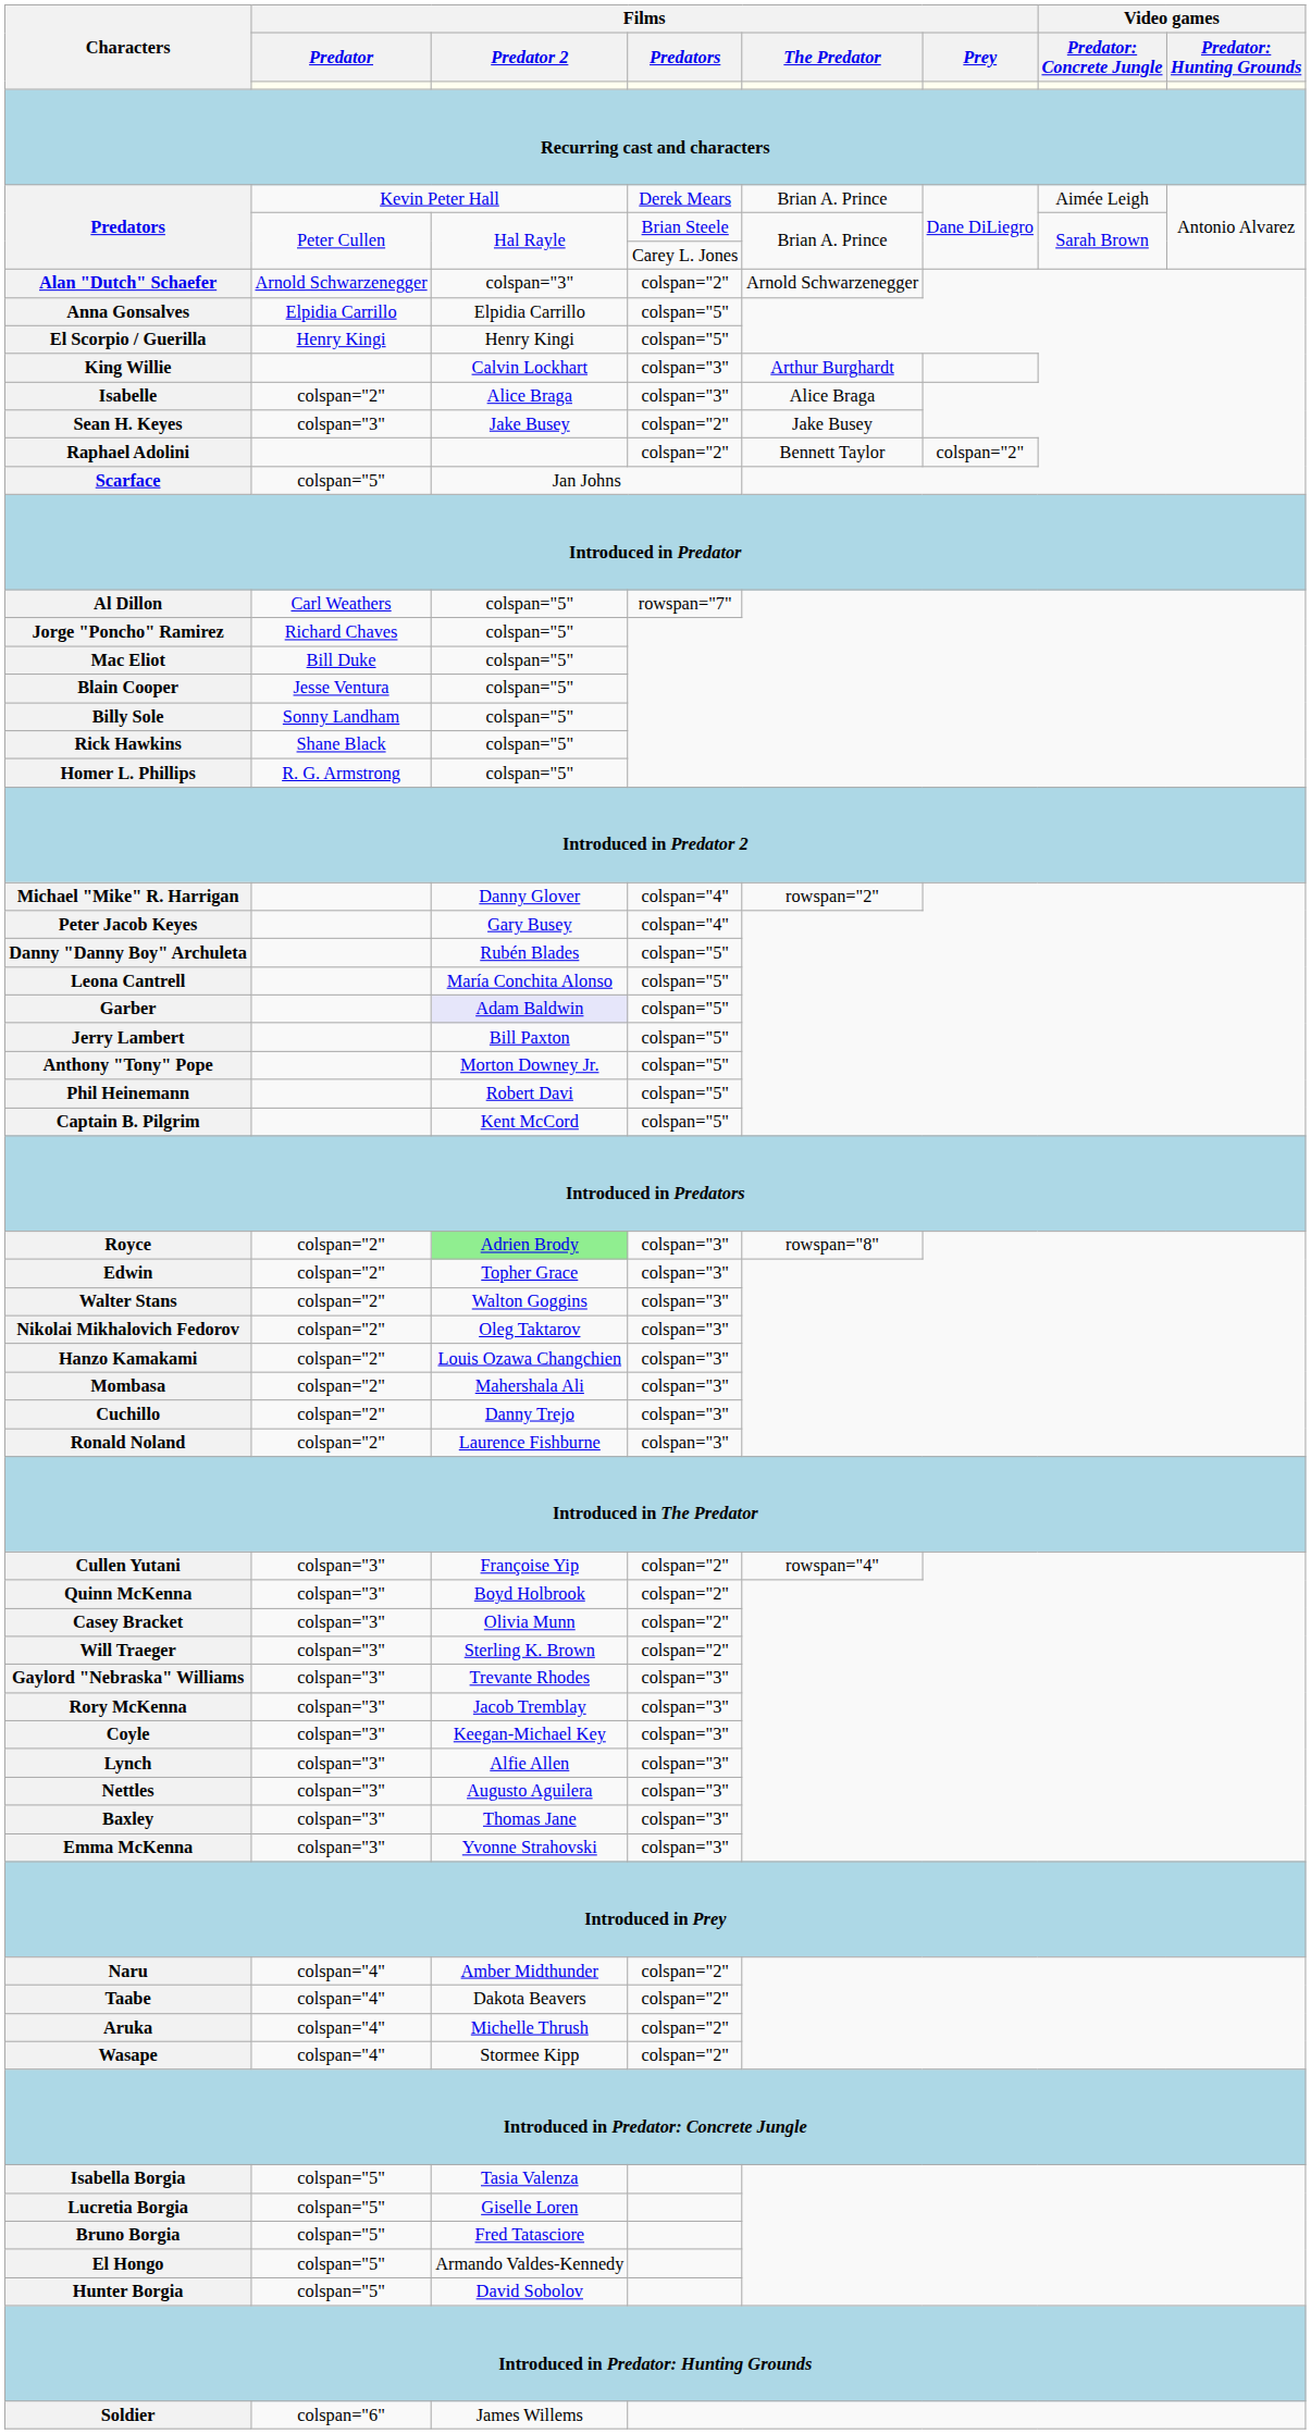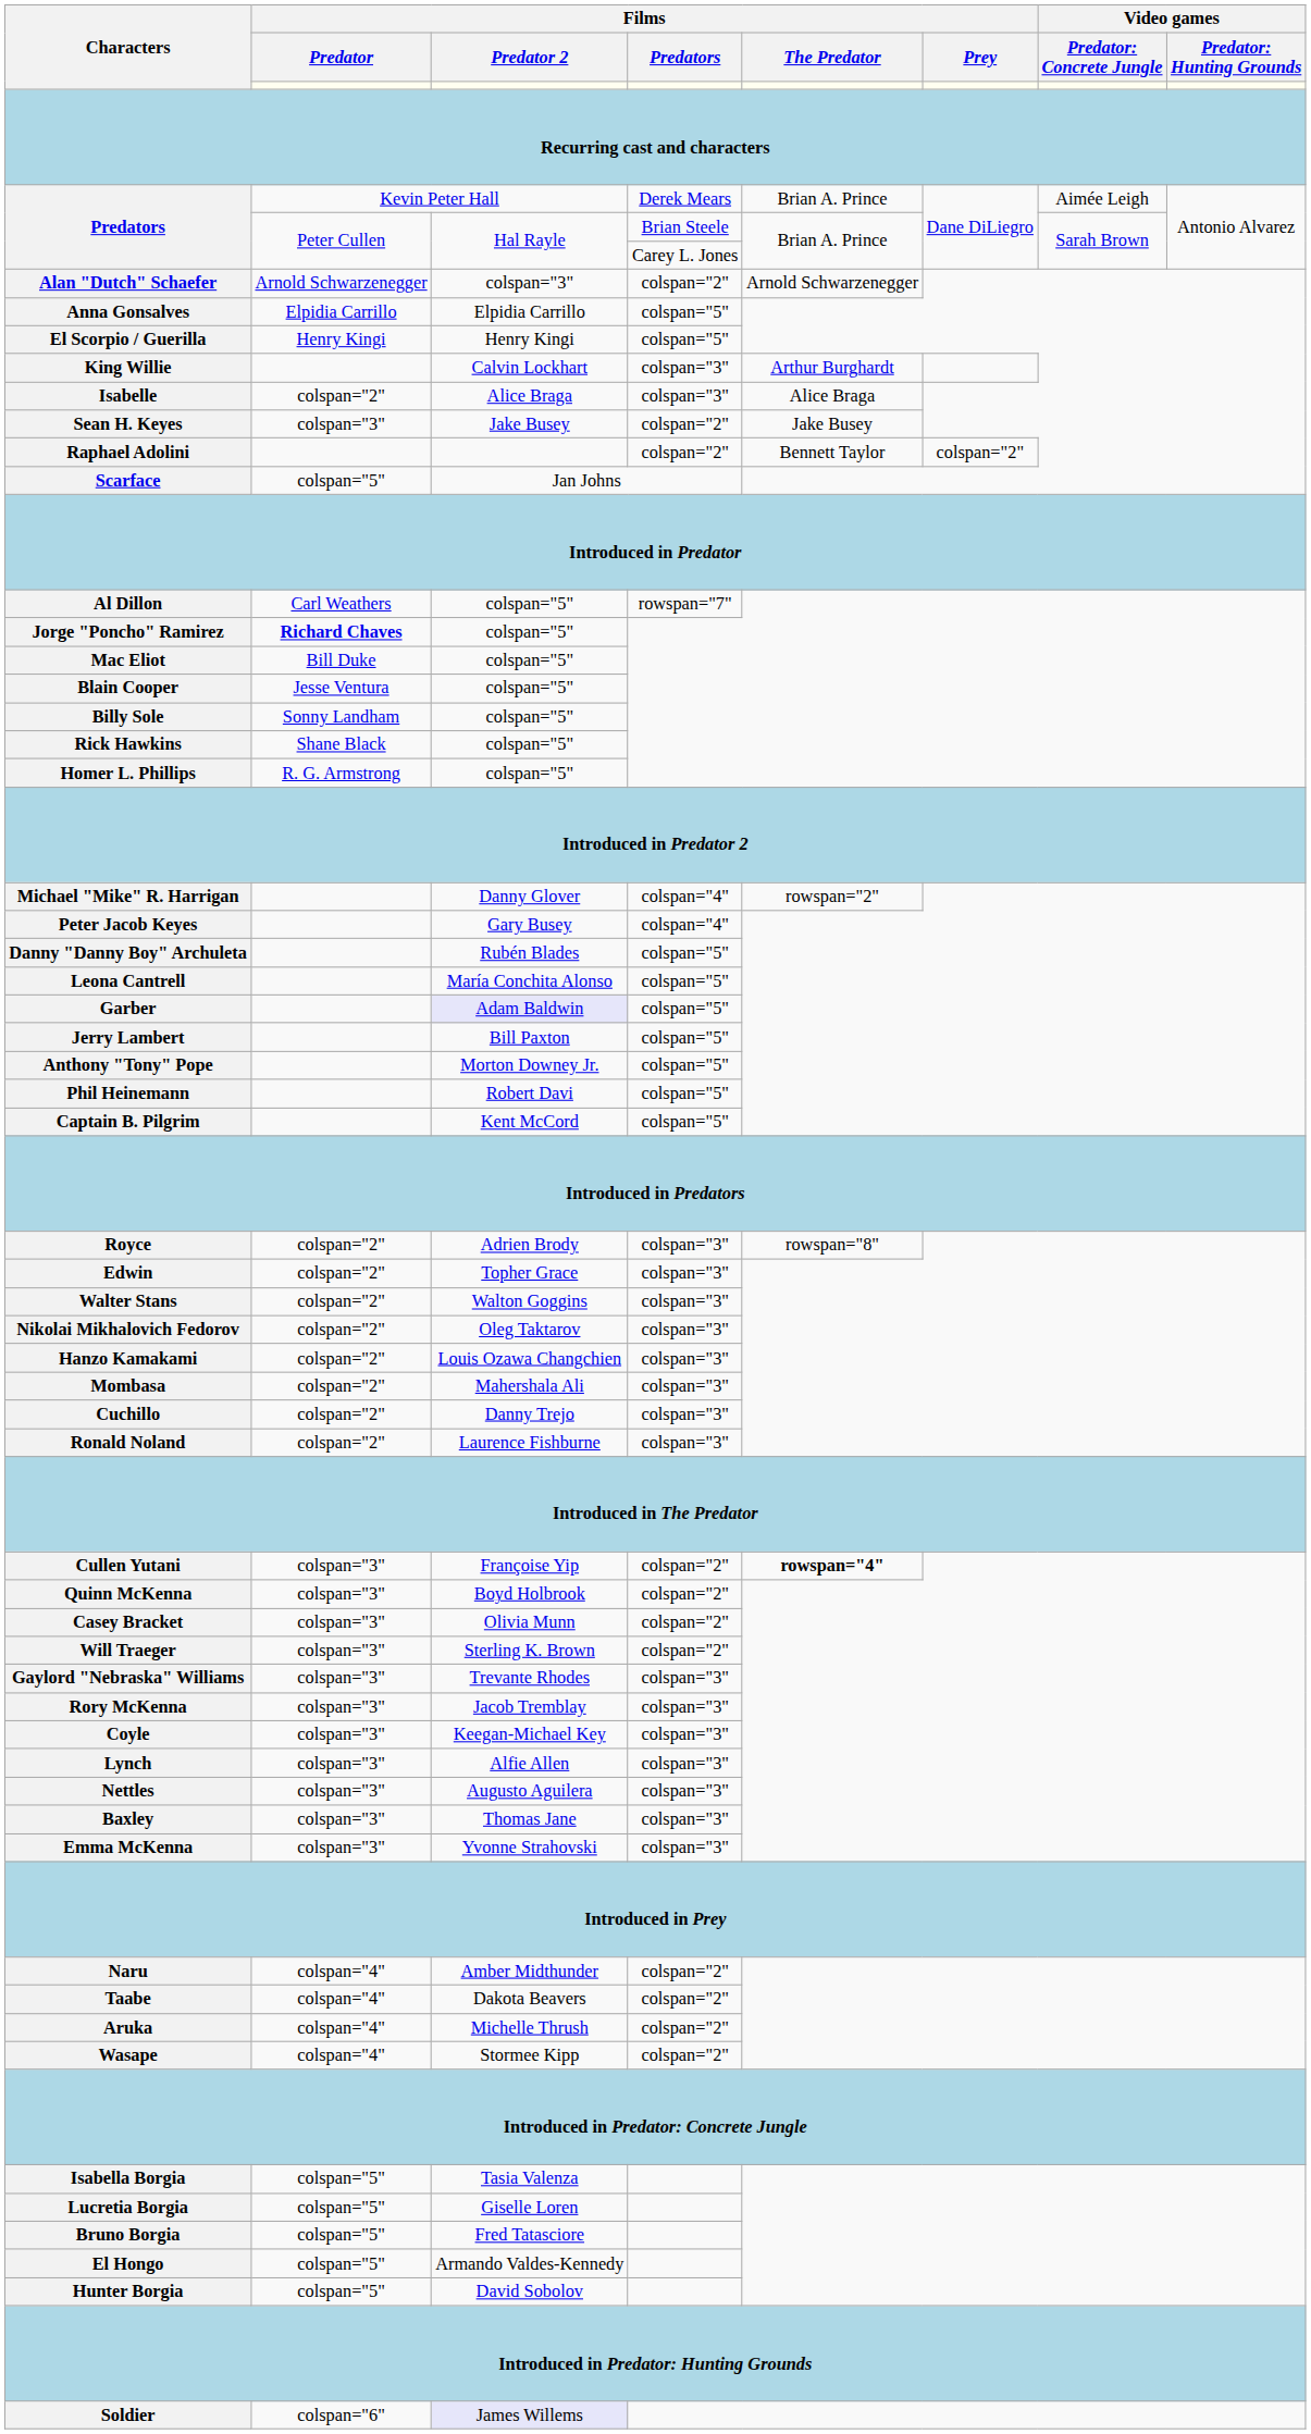 <table class="wikitable plainrowheaders" style="text-align:center;">
 <tr>
 <th scope="col" rowspan="3" align="center">Characters</th>
 <th scope="col" colspan="5">Films</th>
 <th scope="col" colspan="2">Video games</th>
 </tr>
 <tr>
 <th scope="col" align="center"><em><a href='#'>Predator</a></em></th>
 <th scope="col" align="center"><em><a href='#'>Predator 2</a></em></th>
 <th scope="col" align="center"><em><a href='#'>Predators</a></em></th>
 <th scope="col" align="center"><em><a href='#'>The Predator</a></em></th>
 <th scope="col" align="center"><em><a href='#'>Prey</a></em></th>
 <th scope="col" align="center"><em><a href='#'>Predator:<br>Concrete Jungle</a></em></th>
 <th scope="col" align="center"><em><a href='#'>Predator:<br>Hunting Grounds</a></em></th>
 </tr>
 <tr>
 <td style="background:ivory;"></td>
 <td style="background:ivory;"></td>
 <td style="background:ivory;"></td>
 <td style="background:ivory;"></td>
 <td style="background:ivory;"></td>
 <td style="background:ivory;"></td>
 <td style="background:ivory;"></td>
 </tr>
 <tr>
 <th colspan="8" style="background:lightblue;"><br><h4>Recurring cast and characters</h4></th>
 </tr>
 <tr>
 <th rowspan="3"><a href='#'>Predators</a></th>
 <td colspan="2"><a href='#'>Kevin Peter Hall</a></td>
 <td><a href='#'>Derek Mears</a><br></td>
 <td>Brian A. Prince<br></td>
 <td rowspan="3"><a href='#'>Dane DiLiegro</a></td>
 <td>Aimée Leigh</td>
 <td rowspan="3">Antonio Alvarez</td>
 </tr>
 <tr>
 <td rowspan="2"><a href='#'>Peter Cullen</a></td>
 <td rowspan="2"><a href='#'>Hal Rayle</a></td>
 <td><a href='#'>Brian Steele</a> <br></td>
 <td rowspan="2">Brian A. Prince<br></td>
 <td rowspan="2"><a href='#'>Sarah Brown</a></td>
 </tr>
 <tr>
 <td>Carey L. Jones<br></td>
 </tr>
 <tr>
 <th><a href='#'>Alan "Dutch" Schaefer</a></th>
 <td><a href='#'>Arnold Schwarzenegger</a></td>
 <td>colspan="3" </td>
 <td>colspan="2" </td>
 <td>Arnold Schwarzenegger</td>
 </tr>
 <tr>
 <th>Anna Gonsalves</th>
 <td><a href='#'>Elpidia Carrillo</a></td>
 <td>Elpidia Carrillo</td>
 <td>colspan="5" </td>
 </tr>
 <tr>
 <th>El Scorpio / Guerilla</th>
 <td><a href='#'>Henry Kingi</a></td>
 <td>Henry Kingi</td>
 <td>colspan="5" </td>
 </tr>
 <tr>
 <th>King Willie</th>
 <td></td>
 <td><a href='#'>Calvin Lockhart</a></td>
 <td>colspan="3" </td>
 <td><a href='#'>Arthur Burghardt</a></td>
 <td></td>
 </tr>
 <tr>
 <th>Isabelle</th>
 <td>colspan="2" </td>
 <td><a href='#'>Alice Braga</a></td>
 <td>colspan="3" </td>
 <td>Alice Braga</td>
 </tr>
 <tr>
 <th>Sean H. Keyes</th>
 <td>colspan="3" </td>
 <td><a href='#'>Jake Busey</a></td>
 <td>colspan="2" </td>
 <td>Jake Busey</td>
 </tr>
 <tr>
 <th>Raphael Adolini</th>
 <td></td>
 <td></td>
 <td>colspan="2" </td>
 <td>Bennett Taylor</td>
 <td>colspan="2" </td>
 </tr>
 <tr>
 <th><a href='#'>Scarface</a></th>
 <td>colspan="5" </td>
 <td colspan="2">Jan Johns</td>
 </tr>
 <tr>
 <th colspan="8" style="background:lightblue;"><br><h4>Introduced in <em>Predator</em></h4></th>
 </tr>
 <tr>
 <th>Al Dillon</th>
 <td><a href='#'>Carl Weathers</a></td>
 <td>colspan="5" </td>
 <td>rowspan="7" </td>
 </tr>
 <tr>
 <th>Jorge "Poncho" Ramirez</th>
-<td><a href='#'>Richard Chaves</a></td>
+<td><strong><a href='#'>Richard Chaves</a></strong></td>
 <td>colspan="5" </td>
 </tr>
 <tr>
 <th>Mac Eliot</th>
 <td><a href='#'>Bill Duke</a></td>
 <td>colspan="5" </td>
 </tr>
 <tr>
 <th>Blain Cooper</th>
 <td><a href='#'>Jesse Ventura</a></td>
 <td>colspan="5" </td>
 </tr>
 <tr>
 <th>Billy Sole</th>
 <td><a href='#'>Sonny Landham</a></td>
 <td>colspan="5" </td>
 </tr>
 <tr>
 <th>Rick Hawkins</th>
 <td><a href='#'>Shane Black</a></td>
 <td>colspan="5" </td>
 </tr>
 <tr>
 <th>Homer L. Phillips</th>
 <td><a href='#'>R. G. Armstrong</a></td>
 <td>colspan="5" </td>
 </tr>
 <tr>
 <th colspan="8" style="background:lightblue;"><br><h4>Introduced in <em>Predator 2</em></h4></th>
 </tr>
 <tr>
 <th>Michael "Mike" R. Harrigan</th>
 <td></td>
 <td><a href='#'>Danny Glover</a></td>
 <td>colspan="4" </td>
 <td>rowspan="2" </td>
 </tr>
 <tr>
 <th>Peter Jacob Keyes</th>
 <td></td>
 <td><a href='#'>Gary Busey</a></td>
 <td>colspan="4" </td>
 </tr>
 <tr>
 <th>Danny "Danny Boy" Archuleta</th>
 <td></td>
 <td><a href='#'>Rubén Blades</a></td>
 <td>colspan="5" </td>
 </tr>
 <tr>
 <th>Leona Cantrell</th>
 <td></td>
 <td><a href='#'>María Conchita Alonso</a></td>
 <td>colspan="5" </td>
 </tr>
 <tr>
 <th>Garber</th>
 <td></td>
 <td style="background: lavender;"><a href='#'>Adam Baldwin</a></td>
 <td>colspan="5" </td>
 </tr>
 <tr>
 <th>Jerry Lambert</th>
 <td></td>
 <td><a href='#'>Bill Paxton</a></td>
 <td>colspan="5" </td>
 </tr>
 <tr>
 <th>Anthony "Tony" Pope</th>
 <td></td>
 <td><a href='#'>Morton Downey Jr.</a></td>
 <td>colspan="5" </td>
 </tr>
 <tr>
 <th>Phil Heinemann</th>
 <td></td>
 <td><a href='#'>Robert Davi</a></td>
 <td>colspan="5" </td>
 </tr>
 <tr>
 <th>Captain B. Pilgrim</th>
 <td></td>
 <td><a href='#'>Kent McCord</a></td>
 <td>colspan="5" </td>
 </tr>
 <tr>
 <th colspan="8" style="background:lightblue;"><br><h4>Introduced in <em>Predators</em></h4></th>
 </tr>
 <tr>
 <th>Royce</th>
 <td>colspan="2" </td>
-<td style="background: lightgreen;"><a href='#'>Adrien Brody</a></td>
+<td><a href='#'>Adrien Brody</a></td>
 <td>colspan="3" </td>
 <td>rowspan="8" </td>
 </tr>
 <tr>
 <th>Edwin</th>
 <td>colspan="2" </td>
 <td><a href='#'>Topher Grace</a></td>
 <td>colspan="3" </td>
 </tr>
 <tr>
 <th>Walter Stans</th>
 <td>colspan="2" </td>
 <td><a href='#'>Walton Goggins</a></td>
 <td>colspan="3" </td>
 </tr>
 <tr>
 <th>Nikolai Mikhalovich Fedorov</th>
 <td>colspan="2" </td>
 <td><a href='#'>Oleg Taktarov</a></td>
 <td>colspan="3" </td>
 </tr>
 <tr>
 <th>Hanzo Kamakami</th>
 <td>colspan="2" </td>
 <td><a href='#'>Louis Ozawa Changchien</a></td>
 <td>colspan="3" </td>
 </tr>
 <tr>
 <th>Mombasa</th>
 <td>colspan="2" </td>
 <td><a href='#'>Mahershala Ali</a></td>
 <td>colspan="3" </td>
 </tr>
 <tr>
 <th>Cuchillo</th>
 <td>colspan="2" </td>
 <td><a href='#'>Danny Trejo</a></td>
 <td>colspan="3" </td>
 </tr>
 <tr>
 <th>Ronald Noland</th>
 <td>colspan="2" </td>
 <td><a href='#'>Laurence Fishburne</a></td>
 <td>colspan="3" </td>
 </tr>
 <tr>
 <th colspan="8" style="background:lightblue;"><br><h4>Introduced in <em>The Predator</em></h4></th>
 </tr>
 <tr>
 <th>Cullen Yutani</th>
 <td>colspan="3" </td>
 <td><a href='#'>Françoise Yip</a></td>
 <td>colspan="2" </td>
-<td>rowspan="4" </td>
+<td><strong>rowspan="4" </strong></td>
 </tr>
 <tr>
 <th>Quinn McKenna</th>
 <td>colspan="3" </td>
 <td><a href='#'>Boyd Holbrook</a></td>
 <td>colspan="2" </td>
 </tr>
 <tr>
 <th>Casey Bracket</th>
 <td>colspan="3" </td>
 <td><a href='#'>Olivia Munn</a></td>
 <td>colspan="2" </td>
 </tr>
 <tr>
 <th>Will Traeger</th>
 <td>colspan="3" </td>
 <td><a href='#'>Sterling K. Brown</a></td>
 <td>colspan="2" </td>
 </tr>
 <tr>
 <th>Gaylord "Nebraska" Williams</th>
 <td>colspan="3" </td>
 <td><a href='#'>Trevante Rhodes</a></td>
 <td>colspan="3" </td>
 </tr>
 <tr>
 <th>Rory McKenna</th>
 <td>colspan="3" </td>
 <td><a href='#'>Jacob Tremblay</a></td>
 <td>colspan="3" </td>
 </tr>
 <tr>
 <th>Coyle</th>
 <td>colspan="3" </td>
 <td><a href='#'>Keegan-Michael Key</a></td>
 <td>colspan="3" </td>
 </tr>
 <tr>
 <th>Lynch</th>
 <td>colspan="3" </td>
 <td><a href='#'>Alfie Allen</a></td>
 <td>colspan="3" </td>
 </tr>
 <tr>
 <th>Nettles</th>
 <td>colspan="3" </td>
 <td><a href='#'>Augusto Aguilera</a></td>
 <td>colspan="3" </td>
 </tr>
 <tr>
 <th>Baxley</th>
 <td>colspan="3" </td>
 <td><a href='#'>Thomas Jane</a></td>
 <td>colspan="3" </td>
 </tr>
 <tr>
 <th>Emma McKenna</th>
 <td>colspan="3" </td>
 <td><a href='#'>Yvonne Strahovski</a></td>
 <td>colspan="3" </td>
 </tr>
 <tr>
 <th colspan="8" style="background:lightblue;"><br><h4>Introduced in <em>Prey</em></h4></th>
 </tr>
 <tr>
 <th>Naru</th>
 <td>colspan="4" </td>
 <td><a href='#'>Amber Midthunder</a></td>
 <td>colspan="2" </td>
 </tr>
 <tr>
 <th>Taabe</th>
 <td>colspan="4" </td>
 <td>Dakota Beavers</td>
 <td>colspan="2" </td>
 </tr>
 <tr>
 <th>Aruka</th>
 <td>colspan="4" </td>
 <td><a href='#'>Michelle Thrush</a></td>
 <td>colspan="2" </td>
 </tr>
 <tr>
 <th>Wasape</th>
 <td>colspan="4" </td>
 <td>Stormee Kipp</td>
 <td>colspan="2" </td>
 </tr>
 <tr>
 <th colspan="8" style="background:lightblue;"><br><h4>Introduced in <em>Predator: Concrete Jungle</em></h4></th>
 </tr>
 <tr>
 <th>Isabella Borgia <br></th>
 <td>colspan="5" </td>
 <td><a href='#'>Tasia Valenza</a></td>
 <td></td>
 </tr>
 <tr>
 <th>Lucretia Borgia</th>
 <td>colspan="5" </td>
 <td><a href='#'>Giselle Loren</a></td>
 <td></td>
 </tr>
 <tr>
 <th>Bruno Borgia</th>
 <td>colspan="5" </td>
 <td><a href='#'>Fred Tatasciore</a></td>
 <td></td>
 </tr>
 <tr>
 <th>El Hongo</th>
 <td>colspan="5" </td>
 <td>Armando Valdes-Kennedy</td>
 <td></td>
 </tr>
 <tr>
 <th>Hunter Borgia</th>
 <td>colspan="5" </td>
 <td><a href='#'>David Sobolov</a></td>
 <td></td>
 </tr>
 <tr>
 <th colspan="8" style="background:lightblue;"><br><h4>Introduced in <em>Predator: Hunting Grounds</em></h4></th>
 </tr>
 <tr>
 <th>Soldier</th>
 <td>colspan="6" </td>
-<td>James Willems</td>
+<td style="background: lavender;">James Willems</td>
 </tr>
 </table>
